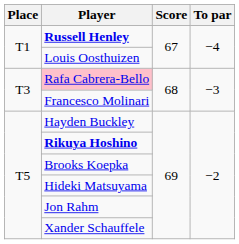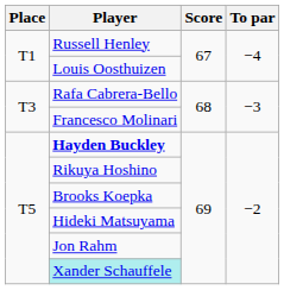 <table class="wikitable">
 <tr>
 <th>Place</th>
 <th>Player</th>
 <th>Score</th>
 <th>To par</th>
 </tr>
 <tr>
 <td rowspan=2 align=center>T1</td>
-<td><strong> <a href='#'>Russell Henley</a></strong></td>
+<td> <a href='#'>Russell Henley</a></td>
 <td rowspan=2 align=center>67</td>
 <td rowspan=2 align=center>−4</td>
 </tr>
 <tr>
 <td> <a href='#'>Louis Oosthuizen</a></td>
 </tr>
 <tr>
 <td rowspan=2 align=center>T3</td>
-<td style="background: pink;"> <a href='#'>Rafa Cabrera-Bello</a></td>
+<td> <a href='#'>Rafa Cabrera-Bello</a></td>
 <td rowspan=2 align=center>68</td>
 <td rowspan=2 align=center>−3</td>
 </tr>
 <tr>
 <td> <a href='#'>Francesco Molinari</a></td>
 </tr>
 <tr>
 <td rowspan=6 align=center>T5</td>
-<td> <a href='#'>Hayden Buckley</a></td>
+<td><strong> <a href='#'>Hayden Buckley</a></strong></td>
 <td rowspan=6 align=center>69</td>
 <td rowspan=6 align=center>−2</td>
 </tr>
 <tr>
-<td><strong> <a href='#'>Rikuya Hoshino</a></strong></td>
+<td> <a href='#'>Rikuya Hoshino</a></td>
 </tr>
 <tr>
 <td> <a href='#'>Brooks Koepka</a></td>
 </tr>
 <tr>
 <td> <a href='#'>Hideki Matsuyama</a></td>
 </tr>
 <tr>
 <td> <a href='#'>Jon Rahm</a></td>
 </tr>
 <tr>
-<td> <a href='#'>Xander Schauffele</a></td>
+<td style="background: paleturquoise;"> <a href='#'>Xander Schauffele</a></td>
 </tr>
 </table>
